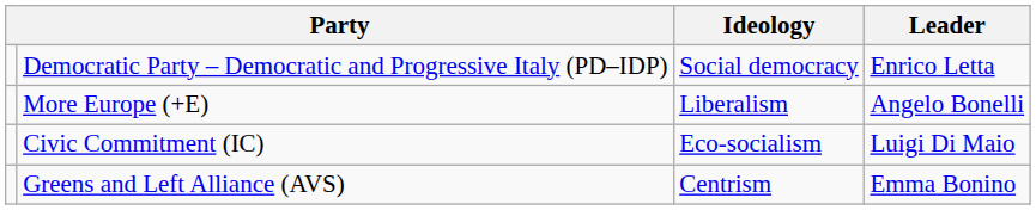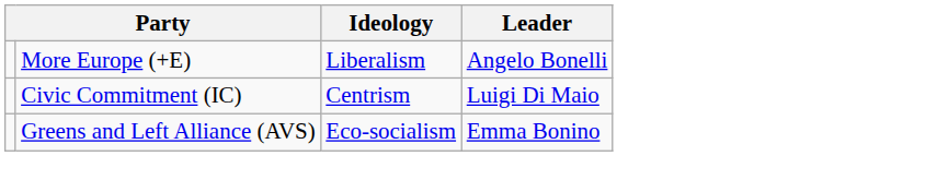 <table class=wikitable style=text-align:left>
 <tr>
 <th colspan=2>Party</th>
 <th>Ideology</th>
 <th>Leader</th>
-</tr>
-<tr>
-<td></td>
-<td><a href='#'>Democratic Party – Democratic and Progressive Italy</a> (PD–IDP)</td>
-<td><a href='#'>Social democracy</a></td>
-<td><a href='#'>Enrico Letta</a></td>
 </tr>
 <tr>
 <td></td>
 <td><a href='#'>More Europe</a> (+E)</td>
 <td><a href='#'>Liberalism</a></td>
 <td><a href='#'>Angelo Bonelli</a></td>
 </tr>
 <tr>
 <td></td>
 <td><a href='#'>Civic Commitment</a> (IC)</td>
-<td><a href='#'>Eco-socialism</a></td>
+<td><a href='#'>Centrism</a></td>
 <td><a href='#'>Luigi Di Maio</a></td>
 </tr>
 <tr>
 <td></td>
 <td><a href='#'>Greens and Left Alliance</a> (AVS)</td>
-<td><a href='#'>Centrism</a></td>
+<td><a href='#'>Eco-socialism</a></td>
 <td><a href='#'>Emma Bonino</a></td>
 </tr>
 </table>
